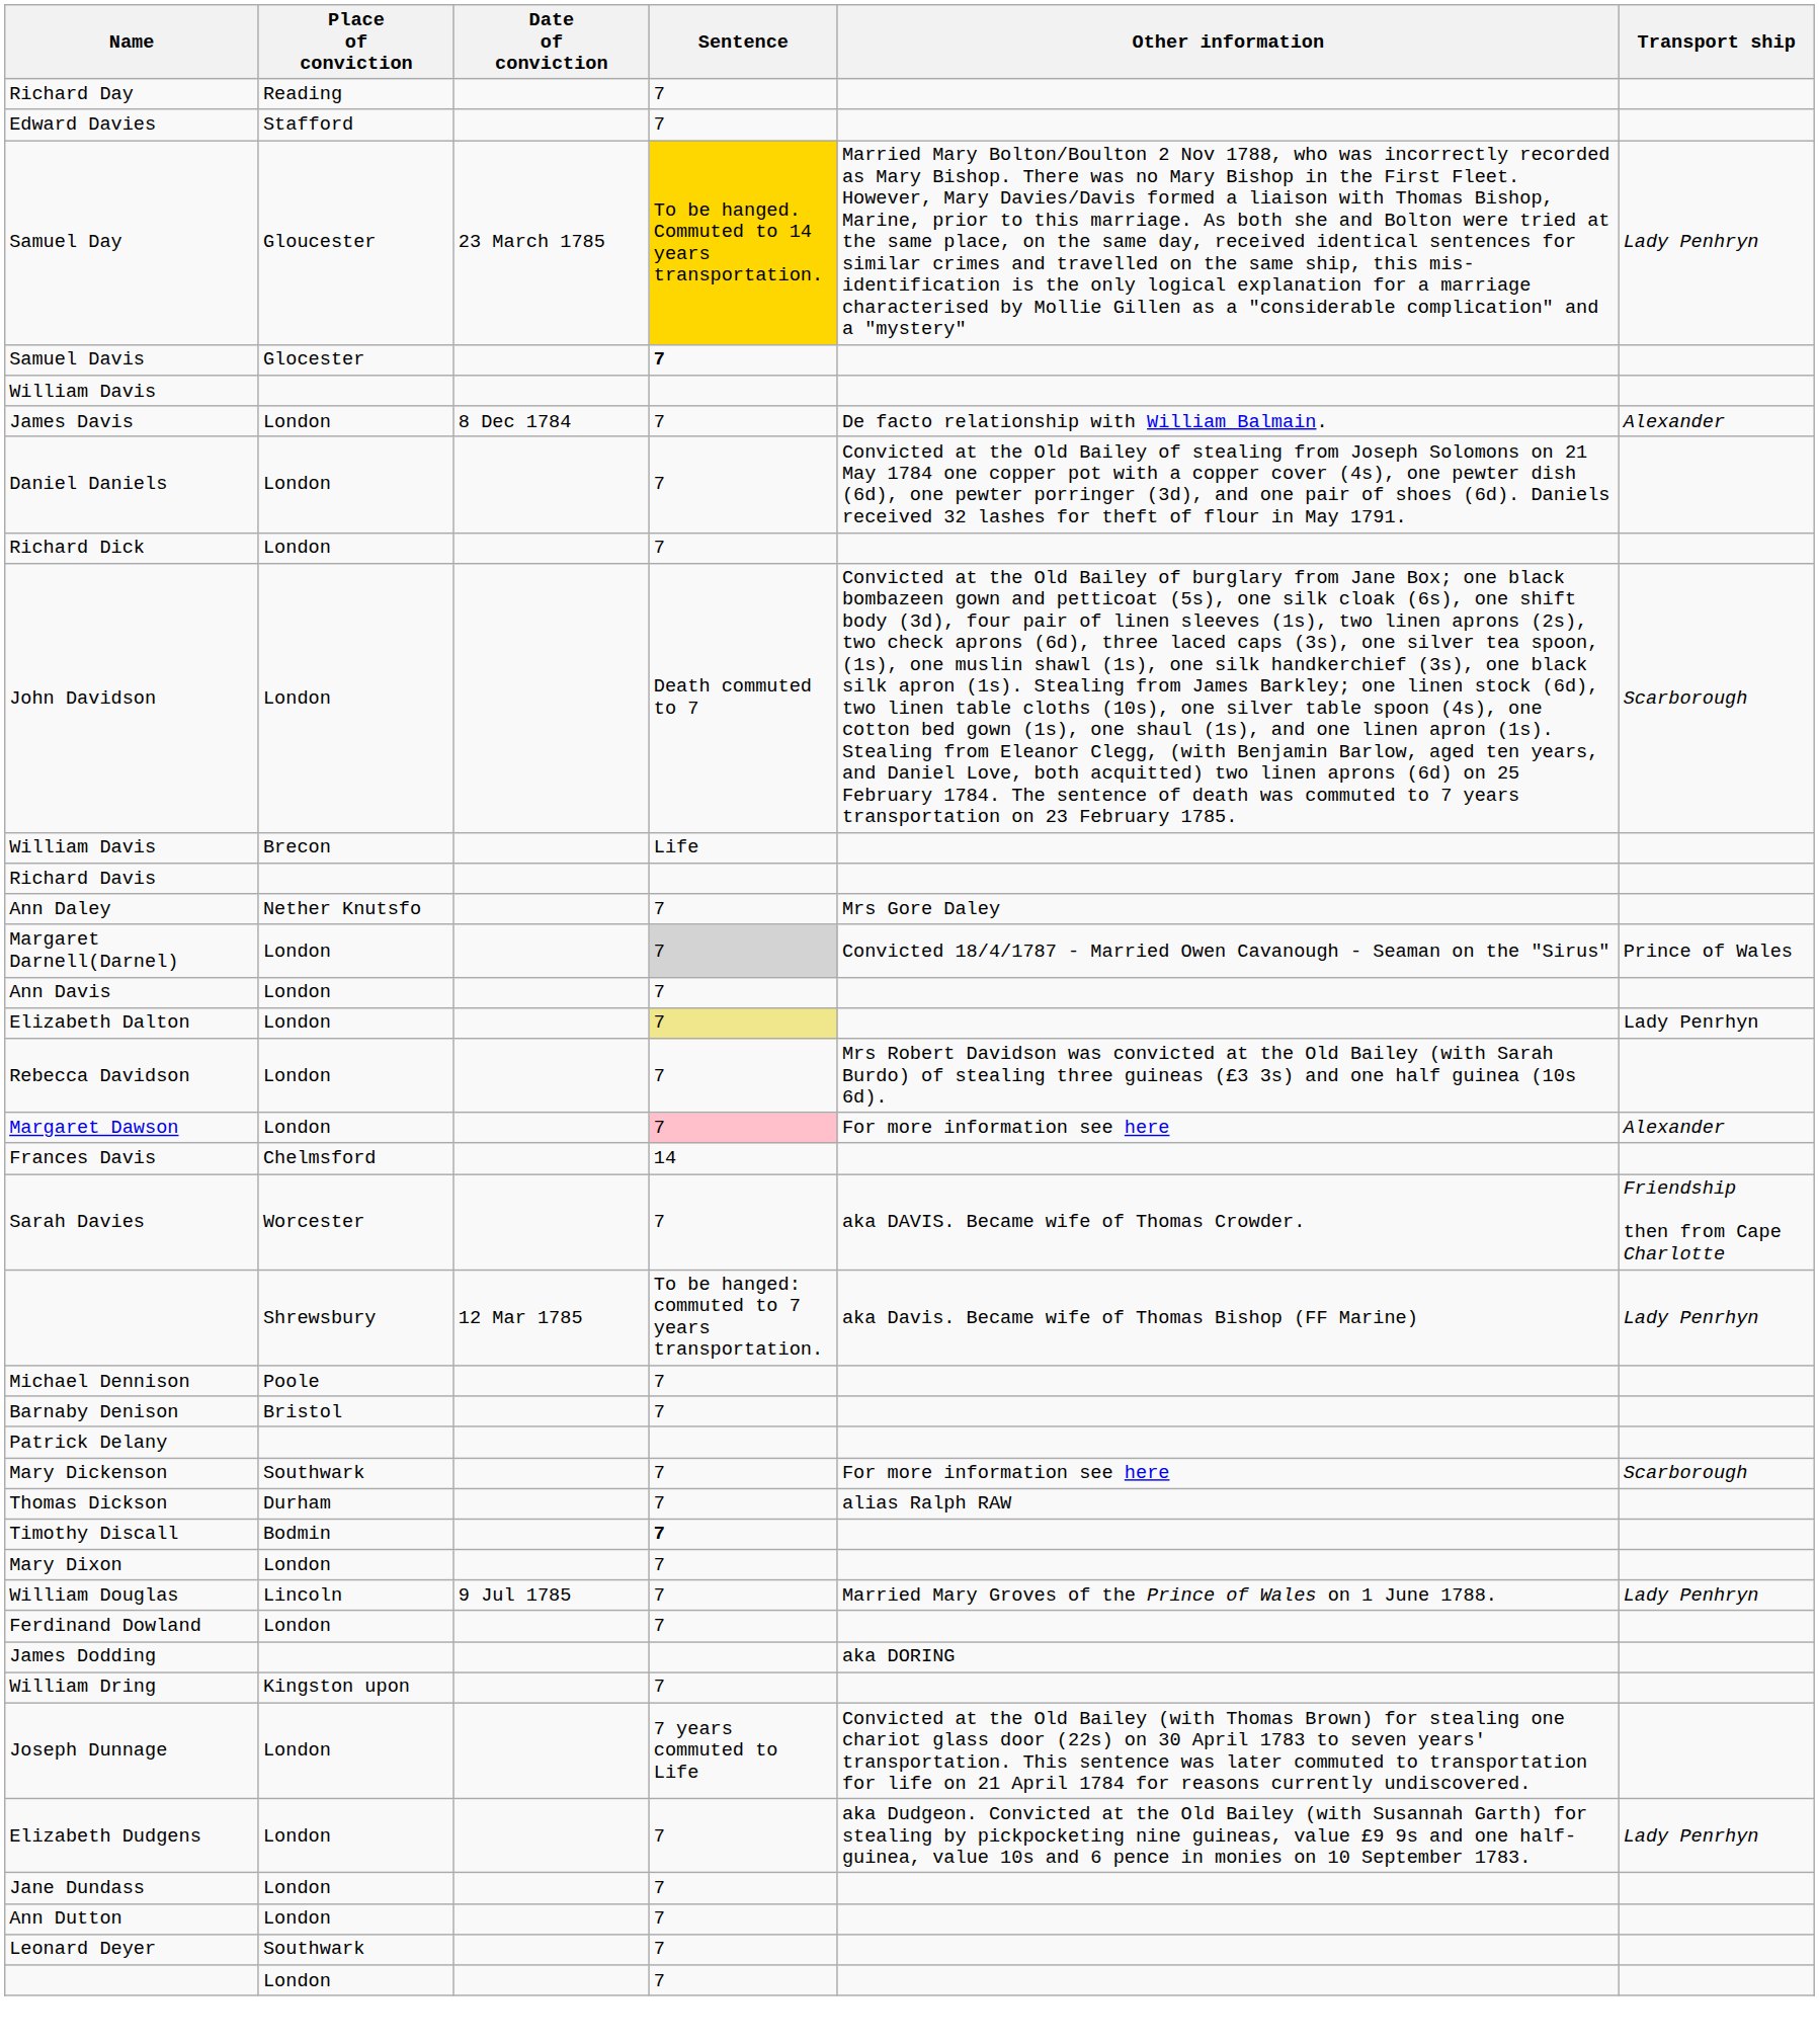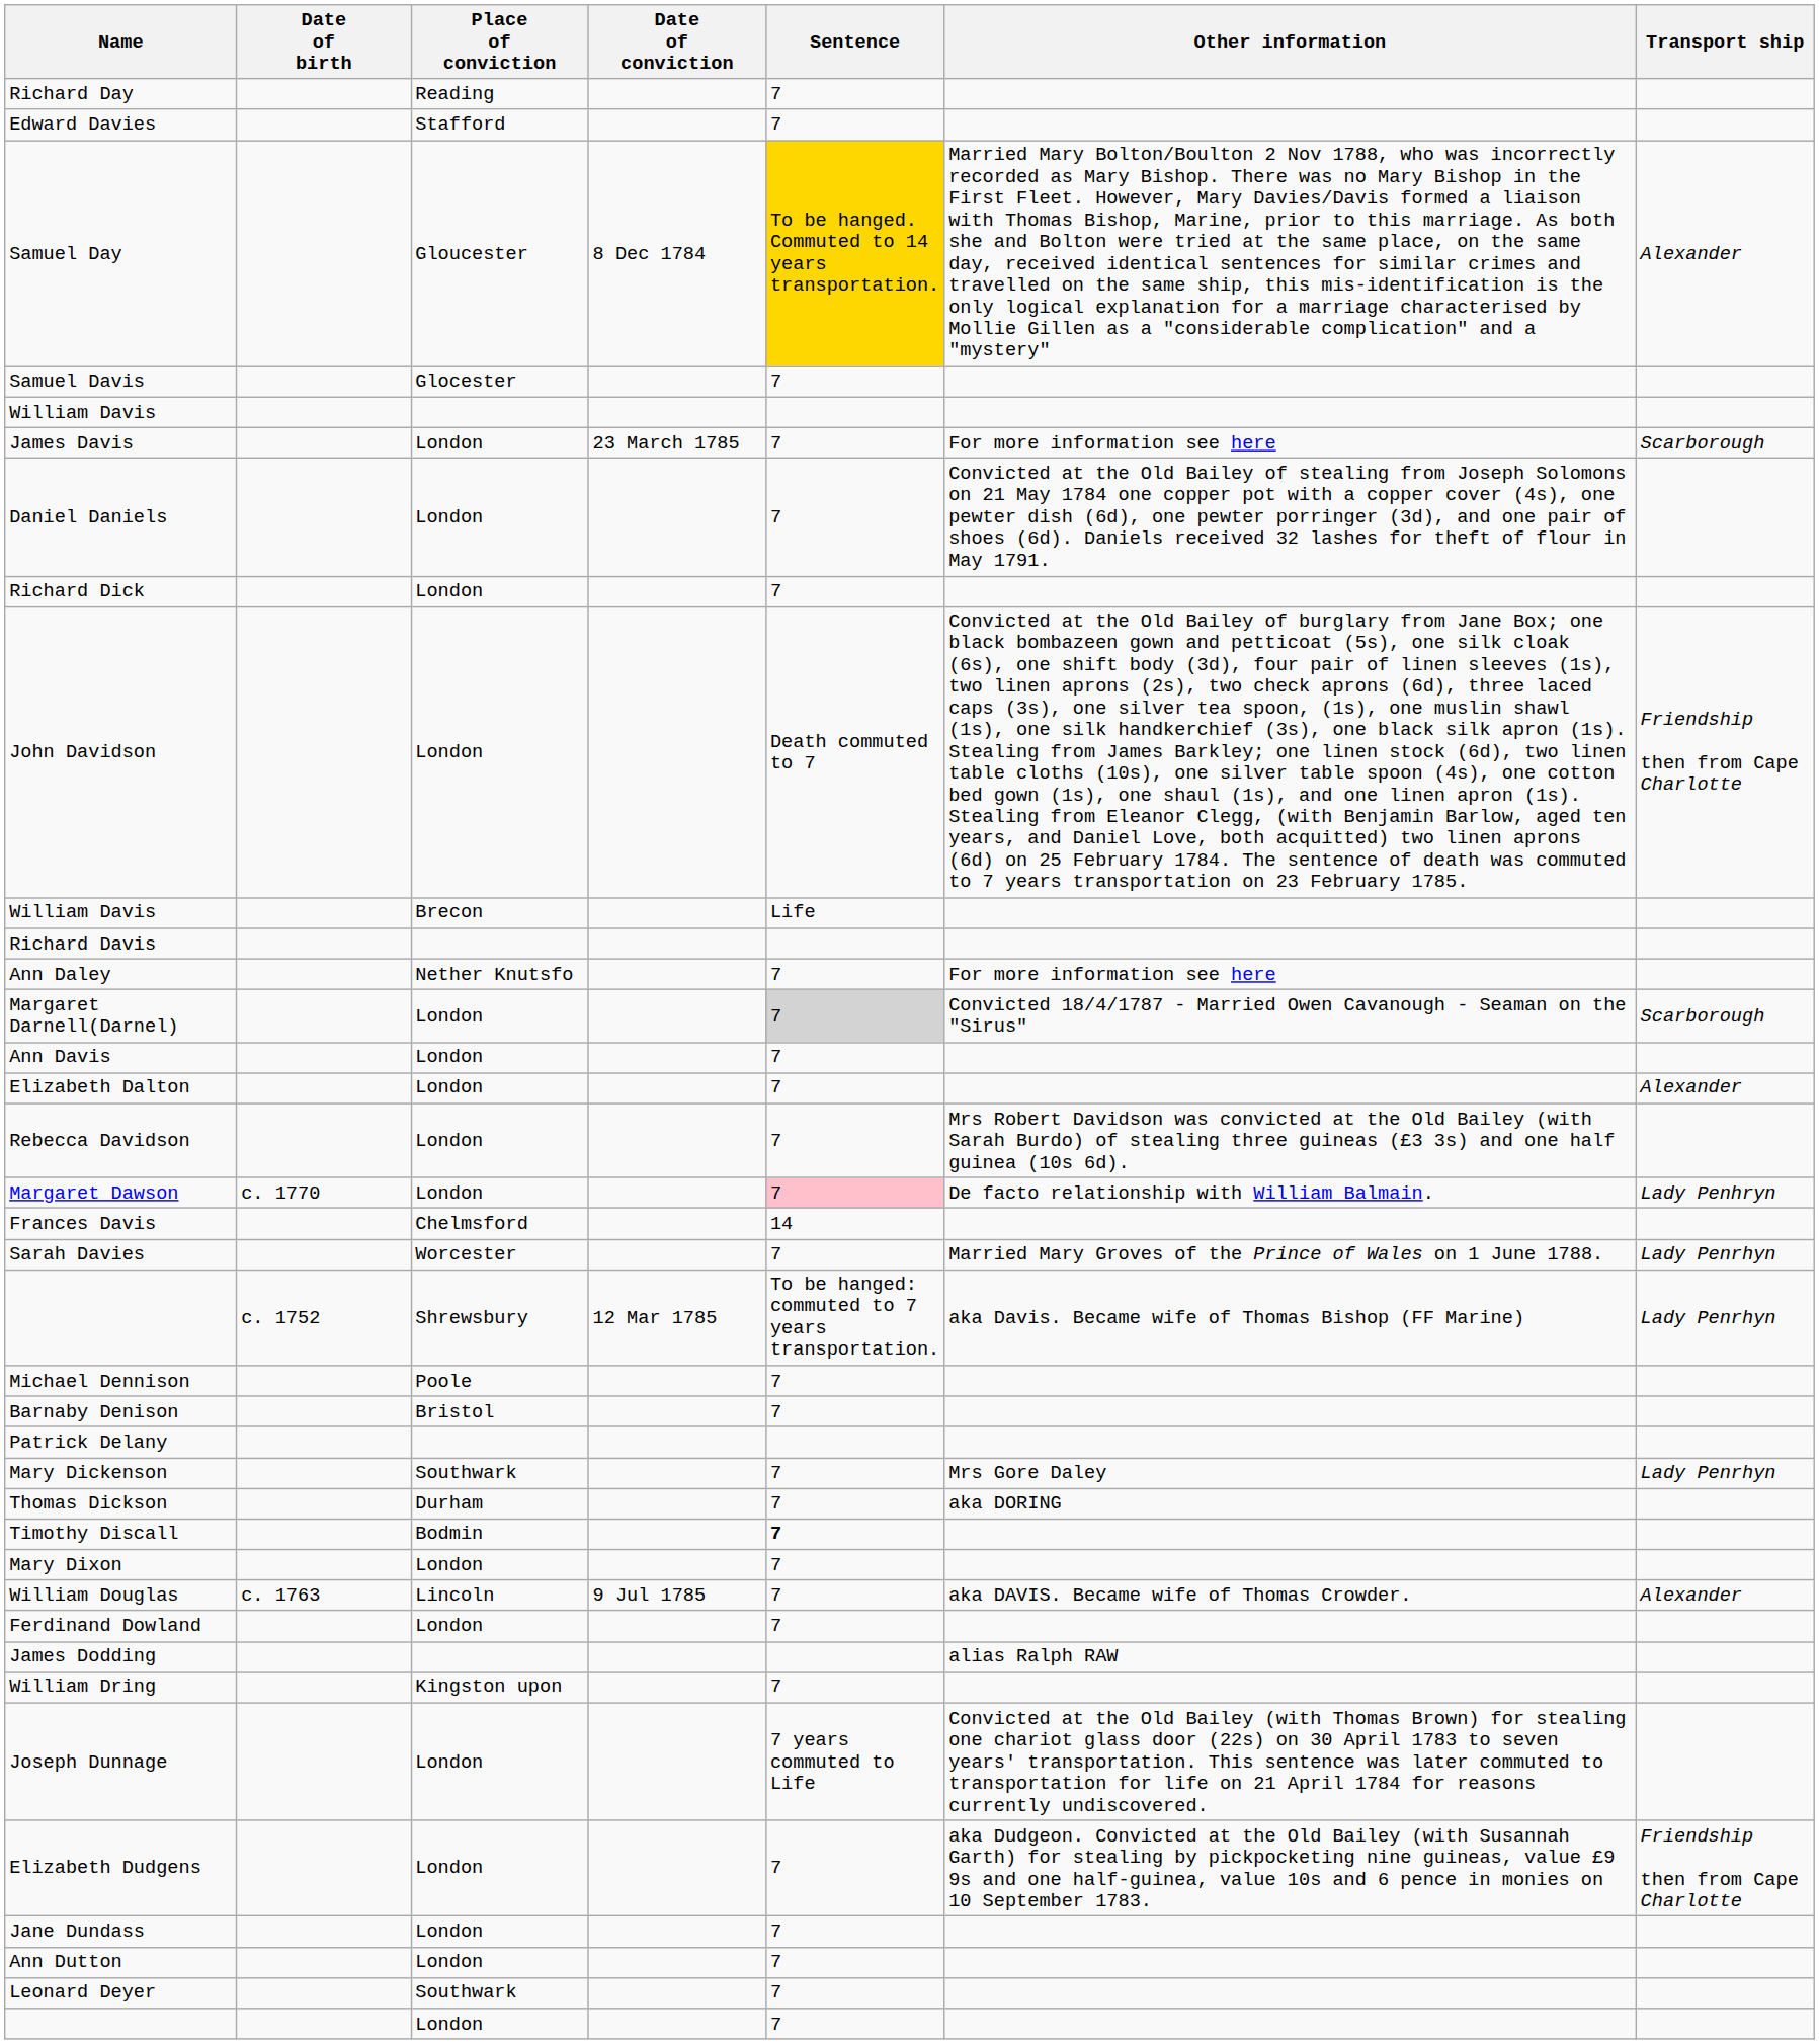 <table class="wikitable sortable plainrowheaders" style="width=1024px;">
 <tr>
 <th style="width: 13%;">Name</th>
+<th style="width: 10%;">Date<br>of<br>birth</th>
 <th style="width: 10%;">Place<br>of<br>conviction</th>
 <th style="width: 10%;">Date<br>of<br>conviction</th>
 <th style="width: 7%;">Sentence</th>
 <th style="width: 40%;">Other information</th>
 <th style="width: 10%;">Transport ship</th>
 </tr>
 <tr>
 <td data-sort-value="DAY, Richard">Richard Day</td>
+<td></td>
 <td>Reading</td>
 <td></td>
 <td>7</td>
 <td></td>
 <td></td>
 </tr>
 <tr>
 <td data-sort-value="DAVIES, Edward">Edward Davies</td>
+<td></td>
 <td>Stafford</td>
 <td></td>
 <td>7</td>
 <td></td>
 <td></td>
 </tr>
 <tr>
 <td data-sort-value="DAY, Samuel">Samuel Day</td>
+<td></td>
 <td>Gloucester</td>
-<td>23 March 1785</td>
+<td>8 Dec 1784</td>
 <td style="background: gold;">To be hanged. Commuted to 14 years transportation.</td>
 <td>Married Mary Bolton/Boulton 2 Nov 1788, who was incorrectly recorded as Mary Bishop. There was no Mary Bishop in the First Fleet. However, Mary Davies/Davis formed a liaison with Thomas Bishop, Marine, prior to this marriage. As both she and Bolton were tried at the same place, on the same day, received identical sentences for similar crimes and travelled on the same ship, this mis-identification is the only logical explanation for a marriage characterised by Mollie Gillen as a "considerable complication" and a "mystery"</td>
-<td><em>Lady Penhryn</em></td>
+<td><em>Alexander</em></td>
 </tr>
 <tr>
 <td data-sort-value="DAVIS, Samuel">Samuel Davis</td>
+<td></td>
 <td>Glocester</td>
 <td></td>
-<td><strong>7</strong></td>
+<td>7</td>
 <td></td>
 <td></td>
 </tr>
 <tr>
 <td data-sort-value="DAVIS, William">William Davis</td>
 <td></td>
 <td></td>
 <td></td>
 <td></td>
 <td></td>
+<td></td>
 </tr>
 <tr>
 <td data-sort-value="DAVIS, James">James Davis</td>
+<td></td>
 <td>London</td>
-<td>8 Dec 1784</td>
+<td>23 March 1785</td>
 <td>7</td>
-<td>De facto relationship with <a href='#'>William Balmain</a>.</td>
-<td><em>Alexander</em></td>
+<td>For more information see <a href='#'>here</a></td>
+<td><em>Scarborough</em></td>
 </tr>
 <tr>
 <td data-sort-value="DANIELS, Daniel">Daniel Daniels</td>
+<td></td>
 <td>London</td>
 <td></td>
 <td>7</td>
 <td>Convicted at the Old Bailey of stealing from Joseph Solomons on 21 May 1784 one copper pot with a copper cover (4s), one pewter dish (6d), one pewter porringer (3d), and one pair of shoes (6d). Daniels received 32 lashes for theft of flour in May 1791.</td>
 <td></td>
 </tr>
 <tr>
 <td data-sort-value="DICK, RICHARD">Richard Dick</td>
+<td></td>
 <td>London</td>
 <td></td>
 <td>7</td>
 <td></td>
 <td></td>
 </tr>
 <tr>
 <td data-sort-value="DAVIDSON, John">John Davidson</td>
+<td></td>
 <td>London</td>
 <td></td>
 <td>Death commuted to 7</td>
 <td>Convicted at the Old Bailey of burglary from Jane Box; one black bombazeen gown and petticoat (5s), one silk cloak (6s), one shift body (3d), four pair of linen sleeves (1s), two linen aprons (2s), two check aprons (6d), three laced caps (3s), one silver tea spoon, (1s), one muslin shawl (1s), one silk handkerchief (3s), one black silk apron (1s). Stealing from James Barkley; one linen stock (6d), two linen table cloths (10s), one silver table spoon (4s), one cotton bed gown (1s), one shaul (1s), and one linen apron (1s). Stealing from Eleanor Clegg, (with Benjamin Barlow, aged ten years, and Daniel Love, both acquitted) two linen aprons (6d) on 25 February 1784. The sentence of death was commuted to 7 years transportation on 23 February 1785.</td>
-<td><em>Scarborough</em></td>
+<td><em>Friendship</em><br><br>then from Cape<br> <em>Charlotte</em></td>
 </tr>
 <tr>
 <td data-sort-value="DAVIS, William">William Davis</td>
+<td></td>
 <td>Brecon</td>
 <td></td>
 <td>Life</td>
 <td></td>
 <td></td>
 </tr>
 <tr>
 <td data-sort-value="DAVIS, Richard">Richard Davis</td>
 <td></td>
 <td></td>
 <td></td>
 <td></td>
 <td></td>
+<td></td>
 </tr>
 <tr>
 <td data-sort-value="DALEY, Ann">Ann Daley</td>
+<td></td>
 <td>Nether Knutsfo</td>
 <td></td>
 <td>7</td>
-<td>Mrs Gore Daley</td>
+<td>For more information see <a href='#'>here</a></td>
 <td></td>
 </tr>
 <tr>
 <td data-sort-value="DARNELL, Margaret">Margaret Darnell(Darnel)</td>
+<td></td>
 <td>London</td>
 <td></td>
 <td style="background: lightgrey;">7</td>
 <td>Convicted 18/4/1787 - Married Owen Cavanough - Seaman on the "Sirus"</td>
-<td>Prince of Wales</td>
+<td><em>Scarborough</em></td>
 </tr>
 <tr>
 <td data-sort-value="DAVIS, Ann">Ann Davis</td>
+<td></td>
 <td>London</td>
 <td></td>
 <td>7</td>
 <td></td>
 <td></td>
 </tr>
 <tr>
 <td data-sort-value="DALTON, Elizabeth">Elizabeth Dalton</td>
+<td></td>
 <td>London</td>
 <td></td>
-<td style="background: khaki;">7</td>
+<td>7</td>
 <td></td>
-<td>Lady Penrhyn</td>
+<td><em>Alexander</em></td>
 </tr>
 <tr>
 <td data-sort-value="DAVIDSON, Rebecca">Rebecca Davidson</td>
+<td></td>
 <td>London</td>
 <td></td>
 <td>7</td>
 <td>Mrs Robert Davidson was convicted at the Old Bailey (with Sarah Burdo) of stealing three guineas (£3 3s) and one half guinea (10s 6d).</td>
 <td></td>
 </tr>
 <tr>
 <td data-sort-value="DAWSON, Margaret"><a href='#'>Margaret Dawson</a></td>
+<td>c. 1770</td>
 <td>London</td>
 <td></td>
 <td style="background: pink;">7</td>
-<td>For more information see <a href='#'>here</a></td>
-<td><em>Alexander</em></td>
+<td>De facto relationship with <a href='#'>William Balmain</a>.</td>
+<td><em>Lady Penhryn</em></td>
 </tr>
 <tr>
 <td data-sort-value="DAVIS, Frances">Frances Davis</td>
+<td></td>
 <td>Chelmsford</td>
 <td></td>
 <td>14</td>
 <td></td>
 <td></td>
 </tr>
 <tr>
 <td data-sort-value="DAVIES, Sarah">Sarah Davies</td>
+<td></td>
 <td>Worcester</td>
 <td></td>
 <td>7</td>
-<td>aka DAVIS. Became wife of Thomas Crowder.</td>
-<td><em>Friendship</em><br><br>then from Cape<br> <em>Charlotte</em></td>
+<td>Married Mary Groves of the <em>Prince of Wales</em> on 1 June 1788.</td>
+<td><em>Lady Penrhyn</em></td>
 </tr>
 <tr>
 <td data-sort-value="DAVIES, Mary"></td>
+<td>c. 1752</td>
 <td>Shrewsbury</td>
 <td>12 Mar 1785</td>
 <td>To be hanged: commuted to 7 years transportation.</td>
 <td>aka Davis. Became wife of Thomas Bishop (FF Marine)</td>
 <td><em>Lady Penrhyn</em></td>
 </tr>
 <tr>
 <td data-sort-value="DENNISON, Michael">Michael Dennison</td>
+<td></td>
 <td>Poole</td>
 <td></td>
 <td>7</td>
 <td></td>
 <td></td>
 </tr>
 <tr>
 <td data-sort-value="DENISON, Barnaby">Barnaby Denison</td>
+<td></td>
 <td>Bristol</td>
 <td></td>
 <td>7</td>
 <td></td>
 <td></td>
 </tr>
 <tr>
 <td data-sort-value="DELANY, Patrick">Patrick Delany</td>
 <td></td>
 <td></td>
 <td></td>
 <td></td>
 <td></td>
+<td></td>
 </tr>
 <tr>
 <td data-sort-value="DICKENSON, Mary">Mary Dickenson</td>
+<td></td>
 <td>Southwark</td>
 <td></td>
 <td>7</td>
-<td>For more information see <a href='#'>here</a></td>
-<td><em>Scarborough</em></td>
+<td>Mrs Gore Daley</td>
+<td><em>Lady Penrhyn</em></td>
 </tr>
 <tr>
 <td data-sort-value="DICKSON, Thomas">Thomas Dickson</td>
+<td></td>
 <td>Durham</td>
 <td></td>
 <td>7</td>
-<td>alias Ralph RAW</td>
+<td>aka DORING</td>
 <td></td>
 </tr>
 <tr>
 <td data-sort-value="DISCALL, Timothy">Timothy Discall</td>
+<td></td>
 <td>Bodmin</td>
 <td></td>
 <td><strong>7</strong></td>
 <td></td>
 <td></td>
 </tr>
 <tr>
 <td data-sort-value="DIXON, Mary">Mary Dixon</td>
+<td></td>
 <td>London</td>
 <td></td>
 <td>7</td>
 <td></td>
 <td></td>
 </tr>
 <tr>
 <td data-sort-value="DOUGLAS, William">William Douglas</td>
+<td>c. 1763</td>
 <td>Lincoln</td>
 <td>9 Jul 1785</td>
 <td>7</td>
-<td>Married Mary Groves of the <em>Prince of Wales</em> on 1 June 1788.</td>
-<td><em>Lady Penhryn</em></td>
+<td>aka DAVIS. Became wife of Thomas Crowder.</td>
+<td><em>Alexander</em></td>
 </tr>
 <tr>
 <td data-sort-value="DOWLAND, Ferdinand">Ferdinand Dowland</td>
+<td></td>
 <td>London</td>
 <td></td>
 <td>7</td>
 <td></td>
 <td></td>
 </tr>
 <tr>
 <td data-sort-value="DODDING, James">James Dodding</td>
 <td></td>
 <td></td>
 <td></td>
-<td>aka DORING</td>
+<td></td>
+<td>alias Ralph RAW</td>
 <td></td>
 </tr>
 <tr>
 <td data-sort-value="DRING, William">William Dring</td>
+<td></td>
 <td>Kingston upon</td>
 <td></td>
 <td>7</td>
 <td></td>
 <td></td>
 </tr>
 <tr>
 <td data-sort-value="DUNNAGE, Joseph">Joseph Dunnage</td>
+<td></td>
 <td>London</td>
 <td></td>
 <td>7 years commuted to Life</td>
 <td>Convicted at the Old Bailey (with Thomas Brown) for stealing one chariot glass door (22s) on 30 April 1783 to seven years' transportation. This sentence was later commuted to transportation for life on 21 April 1784 for reasons currently undiscovered.</td>
 <td></td>
 </tr>
 <tr>
 <td data-sort-value="DUDGENS, Elizabeth">Elizabeth Dudgens</td>
+<td></td>
 <td>London</td>
 <td></td>
 <td>7</td>
 <td>aka Dudgeon. Convicted at the Old Bailey (with Susannah Garth) for stealing by pickpocketing nine guineas, value £9 9s and one half-guinea, value 10s and 6 pence in monies on 10 September 1783.</td>
-<td><em>Lady Penrhyn</em></td>
+<td><em>Friendship</em><br><br>then from Cape<br> <em>Charlotte</em></td>
 </tr>
 <tr>
 <td data-sort-value="DUNDASS, Jane">Jane Dundass</td>
+<td></td>
 <td>London</td>
 <td></td>
 <td>7</td>
 <td></td>
 <td></td>
 </tr>
 <tr>
 <td data-sort-value="DUTTON, Ann">Ann Dutton</td>
+<td></td>
 <td>London</td>
 <td></td>
 <td>7</td>
 <td></td>
 <td></td>
 </tr>
 <tr>
 <td data-sort-value="DEYER, Leonard">Leonard Deyer</td>
+<td></td>
 <td>Southwark</td>
 <td></td>
 <td>7</td>
 <td></td>
 <td></td>
 </tr>
 <tr>
 <td data-sort-value="DYKES, Mary"></td>
+<td></td>
 <td>London</td>
 <td></td>
 <td>7</td>
 <td></td>
 <td></td>
 </tr>
 </table>
